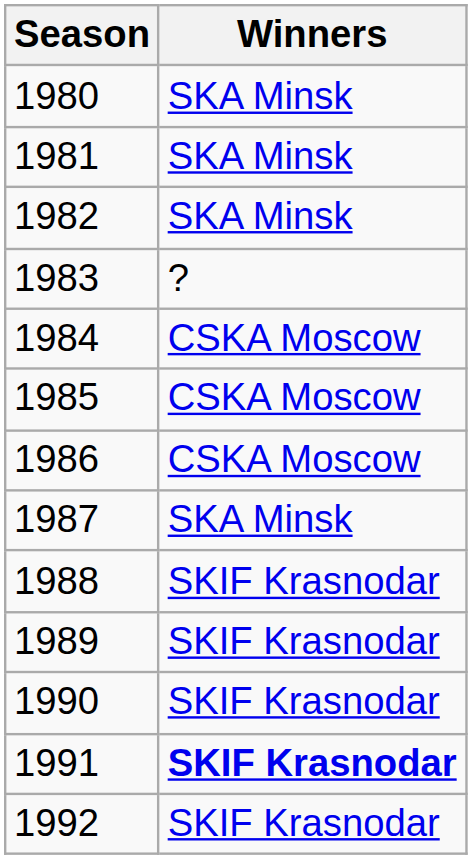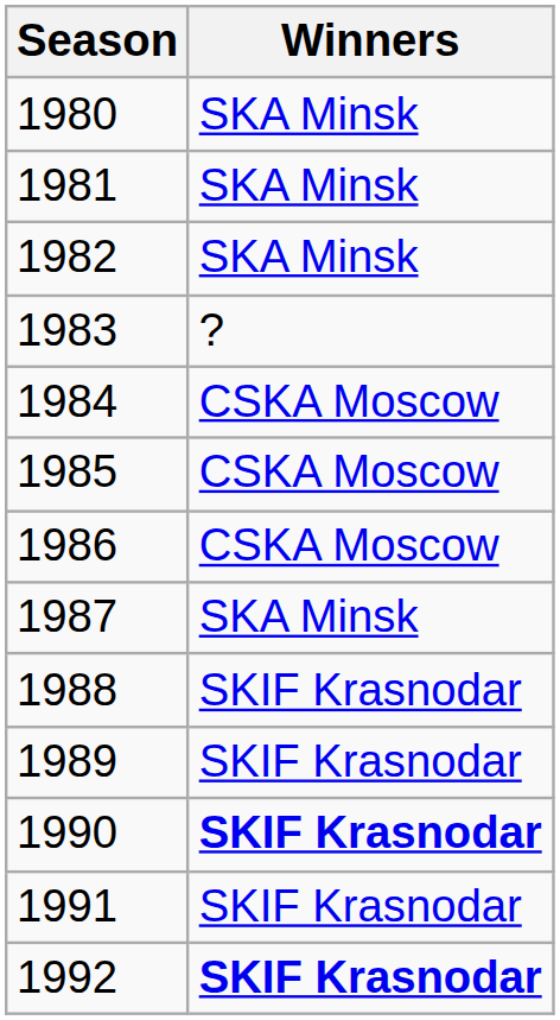 <table class="wikitable sortable alternance">
 <tr>
 <th>Season</th>
 <th>Winners</th>
 </tr>
 <tr>
 <td>1980</td>
 <td><a href='#'>SKA Minsk</a></td>
 </tr>
 <tr>
 <td>1981</td>
 <td><a href='#'>SKA Minsk</a></td>
 </tr>
 <tr>
 <td>1982</td>
 <td><a href='#'>SKA Minsk</a></td>
 </tr>
 <tr>
 <td>1983</td>
 <td>?</td>
 </tr>
 <tr>
 <td>1984</td>
 <td><a href='#'>CSKA Moscow</a></td>
 </tr>
 <tr>
 <td>1985</td>
 <td><a href='#'>CSKA Moscow</a></td>
 </tr>
 <tr>
 <td>1986</td>
 <td><a href='#'>CSKA Moscow</a></td>
 </tr>
 <tr>
 <td>1987</td>
 <td><a href='#'>SKA Minsk</a></td>
 </tr>
 <tr>
 <td>1988</td>
 <td><a href='#'>SKIF Krasnodar</a></td>
 </tr>
 <tr>
 <td>1989</td>
 <td><a href='#'>SKIF Krasnodar</a></td>
 </tr>
 <tr>
 <td>1990</td>
+<td><strong><a href='#'>SKIF Krasnodar</a></strong></td>
+</tr>
+<tr>
+<td>1991</td>
 <td><a href='#'>SKIF Krasnodar</a></td>
 </tr>
 <tr>
-<td>1991</td>
+<td>1992</td>
 <td><strong><a href='#'>SKIF Krasnodar</a></strong></td>
 </tr>
-<tr>
-<td>1992</td>
-<td><a href='#'>SKIF Krasnodar</a></td>
-</tr>
 </table>
